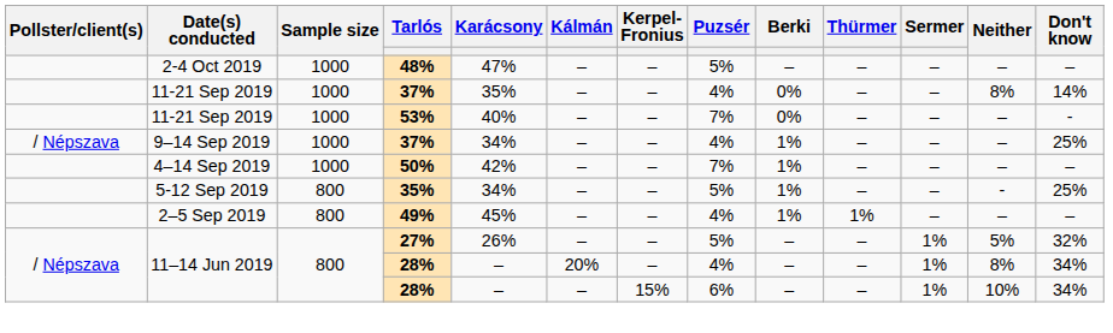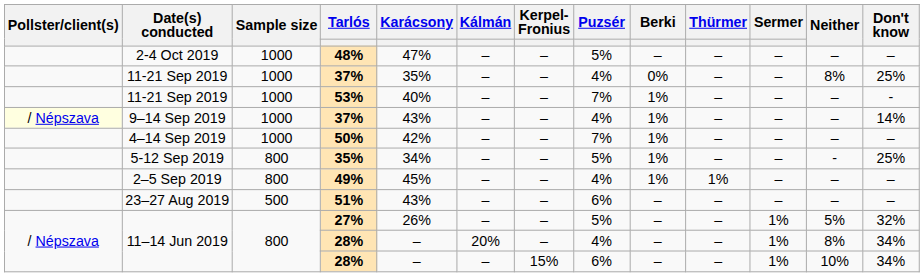 <table class="wikitable sortable" style="text-align:center;font-size:90%;line-height:14px">
 <tr>
 <th rowspan="3">Pollster/client(s)</th>
 <th rowspan="3">Date(s)<br>conducted</th>
 <th rowspan="3">Sample size</th>
 </tr>
 <tr>
 <th style="width:50px;"><a href='#'>Tarlós</a></th>
 <th style="width:50px;"><a href='#'>Karácsony</a></th>
 <th style="width:50px;"><a href='#'>Kálmán</a></th>
 <th style="width:50px;">Kerpel-Fronius</th>
 <th style="width:50px;"><a href='#'>Puzsér</a></th>
 <th style="width:50px;">Berki</th>
 <th style="width:50px;"><a href='#'>Thürmer</a></th>
 <th style="width:50px;">Sermer</th>
 <th style="width:50px;" rowspan="2">Neither</th>
 <th style="width:50px;" rowspan="2">Don't know</th>
 </tr>
 <tr>
 <th data-sort-type="number" style="background:"></th>
 <th data-sort-type="number" style="background:"></th>
 <th data-sort-type="number" style="background:"></th>
 <th data-sort-type="number" style="background:"></th>
 <th data-sort-type="number" style="background:"></th>
 <th data-sort-type="number" style="background:"></th>
 <th data-sort-type="number" style="background:"></th>
 <th data-sort-type="number" style="background:"></th>
 </tr>
 <tr>
 <td></td>
 <td data-sort-value="2019-09-21">2-4 Oct 2019</td>
 <td>1000</td>
 <td style="background:#FFE5B4"><strong>48%</strong></td>
 <td>47%</td>
 <td>–</td>
 <td>–</td>
 <td>5%</td>
 <td>–</td>
 <td>–</td>
 <td>–</td>
 <td>–</td>
 <td>–</td>
 </tr>
 <tr>
 <td></td>
 <td data-sort-value="2019-09-21">11-21 Sep 2019</td>
 <td>1000</td>
 <td style="background:#FFE5B4"><strong>37%</strong></td>
 <td>35%</td>
 <td>–</td>
 <td>–</td>
 <td>4%</td>
 <td>0%</td>
 <td>–</td>
 <td>–</td>
 <td>8%</td>
-<td>14%</td>
+<td>25%</td>
 </tr>
 <tr>
 <td></td>
 <td data-sort-value="2019-09-21">11-21 Sep 2019</td>
 <td>1000</td>
 <td style="background:#FFE5B4"><strong>53%</strong></td>
 <td>40%</td>
 <td>–</td>
 <td>–</td>
 <td>7%</td>
-<td>0%</td>
+<td>1%</td>
 <td>–</td>
 <td>–</td>
 <td>–</td>
 <td>-</td>
 </tr>
 <tr>
-<td> / <a href='#'>Népszava</a></td>
+<td style="background: lightyellow;"> / <a href='#'>Népszava</a></td>
 <td data-sort-value="2019-09-14">9–14 Sep 2019</td>
 <td>1000</td>
 <td style="background:#FFE5B4"><strong>37%</strong></td>
-<td>34%</td>
+<td>43%</td>
 <td>–</td>
 <td>–</td>
 <td>4%</td>
 <td>1%</td>
 <td>–</td>
 <td>–</td>
 <td>–</td>
-<td>25%</td>
+<td>14%</td>
 </tr>
 <tr>
 <td></td>
 <td data-sort-value="2019-09-14">4–14 Sep 2019</td>
 <td>1000</td>
 <td style="background:#FFE5B4"><strong>50%</strong></td>
 <td>42%</td>
 <td>–</td>
 <td>–</td>
 <td>7%</td>
 <td>1%</td>
 <td>–</td>
 <td>–</td>
 <td>–</td>
 <td>–</td>
 </tr>
 <tr>
 <td></td>
 <td data-sort-value="2019-09-12">5-12 Sep 2019</td>
 <td>800</td>
 <td style="background:#FFE5B4"><strong>35%</strong></td>
 <td>34%</td>
 <td>–</td>
 <td>–</td>
 <td>5%</td>
 <td>1%</td>
 <td>–</td>
 <td>–</td>
 <td>-</td>
 <td>25%</td>
 </tr>
 <tr>
 <td></td>
 <td data-sort-value="2019-09-05">2–5 Sep 2019</td>
 <td>800</td>
 <td style="background:#FFE5B4"><strong>49%</strong></td>
 <td>45%</td>
 <td>–</td>
 <td>–</td>
 <td>4%</td>
 <td>1%</td>
 <td>1%</td>
 <td>–</td>
 <td>–</td>
 <td>–</td>
 </tr>
 <tr>
+<td></td>
+<td data-sort-value="2019-08-27">23–27 Aug 2019</td>
+<td>500</td>
+<td style="background:#FFE5B4"><strong>51%</strong></td>
+<td>43%</td>
+<td>–</td>
+<td>–</td>
+<td>6%</td>
+<td>–</td>
+<td>–</td>
+<td>–</td>
+<td>–</td>
+<td>–</td>
+</tr>
+<tr>
 <td rowspan="3"> / <a href='#'>Népszava</a></td>
 <td rowspan="3" data-sort-value="2019-07-14">11–14 Jun 2019</td>
 <td rowspan="3">800</td>
 <td style="background:#FFE5B4"><strong>27%</strong></td>
 <td>26%</td>
 <td>–</td>
 <td>–</td>
 <td>5%</td>
 <td>–</td>
 <td>–</td>
 <td>1%</td>
 <td>5%</td>
 <td>32%</td>
 </tr>
 <tr>
 <td style="background:#FFE5B4"><strong>28%</strong></td>
 <td>–</td>
 <td>20%</td>
 <td>–</td>
 <td>4%</td>
 <td>–</td>
 <td>–</td>
 <td>1%</td>
 <td>8%</td>
 <td>34%</td>
 </tr>
 <tr>
 <td style="background:#FFE5B4"><strong>28%</strong></td>
 <td>–</td>
 <td>–</td>
 <td>15%</td>
 <td>6%</td>
 <td>–</td>
 <td>–</td>
 <td>1%</td>
 <td>10%</td>
 <td>34%</td>
 </tr>
 </table>
